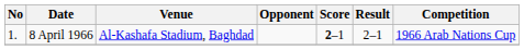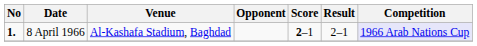 <table class="wikitable" style="font-size:100%;">
 <tr>
 <th>No</th>
 <th>Date</th>
 <th>Venue</th>
 <th>Opponent</th>
 <th>Score</th>
 <th>Result</th>
 <th>Competition</th>
 </tr>
 <tr>
-<td>1.</td>
+<td><strong>1.</strong></td>
 <td>8 April 1966</td>
 <td><a href='#'>Al-Kashafa Stadium</a>, <a href='#'>Baghdad</a></td>
 <td></td>
 <td align=center><strong>2</strong>–1</td>
 <td align=center>2–1</td>
-<td><a href='#'>1966 Arab Nations Cup</a></td>
+<td style="background: lavender;"><a href='#'>1966 Arab Nations Cup</a></td>
 </tr>
 <tr>
 </tr>
 </table>
